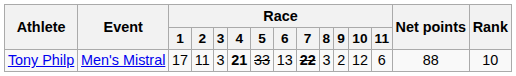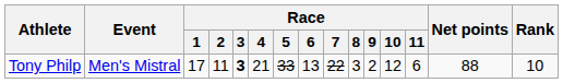 <table class=wikitable style=font-size:90%;text-align:center>
 <tr>
 <th rowspan=2>Athlete</th>
 <th rowspan=2>Event</th>
 <th colspan=11>Race</th>
 <th rowspan=2>Net points</th>
 <th rowspan=2>Rank</th>
 </tr>
 <tr style=font-size:95%>
 <th>1</th>
 <th>2</th>
 <th>3</th>
 <th>4</th>
 <th>5</th>
 <th>6</th>
 <th>7</th>
 <th>8</th>
 <th>9</th>
 <th>10</th>
 <th>11</th>
 </tr>
 <tr>
 <td align=left><a href='#'>Tony Philp</a></td>
 <td align=left><a href='#'>Men's Mistral</a></td>
 <td>17</td>
 <td>11</td>
-<td>3</td>
-<td><strong>21</strong></td>
+<td><strong>3</strong></td>
+<td>21</td>
 <td><s>33</s></td>
 <td>13</td>
-<td><strong><s>22</s></strong></td>
+<td><s>22</s></td>
 <td>3</td>
 <td>2</td>
 <td>12</td>
 <td>6</td>
 <td>88</td>
 <td>10</td>
 </tr>
 </table>
